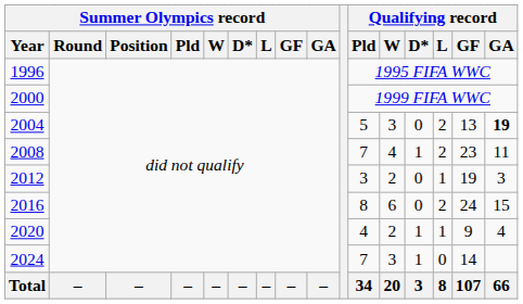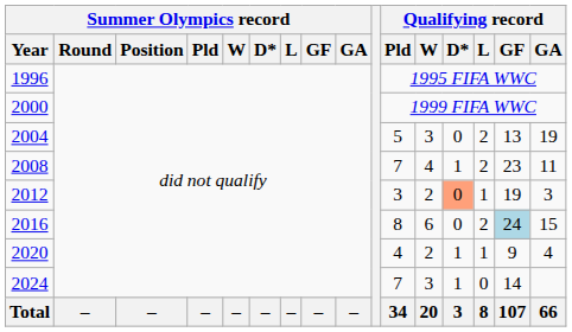 <table class="wikitable" style="text-align: center;">
 <tr>
 <th colspan=9><a href='#'>Summer Olympics</a> record</th>
 <th rowspan=12></th>
 <th colspan=6><a href='#'>Qualifying</a> record</th>
 </tr>
 <tr>
 <th>Year</th>
 <th>Round</th>
 <th>Position</th>
 <th>Pld</th>
 <th>W</th>
 <th>D*</th>
 <th>L</th>
 <th>GF</th>
 <th>GA</th>
 <th>Pld</th>
 <th>W</th>
 <th>D*</th>
 <th>L</th>
 <th>GF</th>
 <th>GA</th>
 </tr>
 <tr>
 <td> <a href='#'>1996</a></td>
 <td colspan=8 rowspan=8><em>did not qualify</em></td>
 <td colspan=6><em><a href='#'>1995 FIFA WWC</a></em></td>
 </tr>
 <tr>
 <td> <a href='#'>2000</a></td>
 <td colspan=6><em><a href='#'>1999 FIFA WWC</a></em></td>
 </tr>
 <tr>
 <td> <a href='#'>2004</a></td>
 <td>5</td>
 <td>3</td>
 <td>0</td>
 <td>2</td>
 <td>13</td>
-<td><strong>19</strong></td>
+<td>19</td>
 </tr>
 <tr>
 <td> <a href='#'>2008</a></td>
 <td>7</td>
 <td>4</td>
 <td>1</td>
 <td>2</td>
 <td>23</td>
 <td>11</td>
 </tr>
 <tr>
 <td> <a href='#'>2012</a></td>
 <td>3</td>
 <td>2</td>
-<td>0</td>
+<td style="background: lightsalmon;">0</td>
 <td>1</td>
 <td>19</td>
 <td>3</td>
 </tr>
 <tr>
 <td> <a href='#'>2016</a></td>
 <td>8</td>
 <td>6</td>
 <td>0</td>
 <td>2</td>
-<td>24</td>
+<td style="background: lightblue;">24</td>
 <td>15</td>
 </tr>
 <tr>
 <td> <a href='#'>2020</a></td>
 <td>4</td>
 <td>2</td>
 <td>1</td>
 <td>1</td>
 <td>9</td>
 <td>4</td>
 </tr>
 <tr>
 <td> <a href='#'>2024</a></td>
 <td>7</td>
 <td>3</td>
 <td>1</td>
 <td>0</td>
 <td>14</td>
 </tr>
 <tr>
 <th>Total</th>
 <th>–</th>
 <th>–</th>
 <th>–</th>
 <th>–</th>
 <th>–</th>
 <th>–</th>
 <th>–</th>
 <th>–</th>
 <th>34</th>
 <th>20</th>
 <th>3</th>
 <th>8</th>
 <th>107</th>
 <th>66</th>
 </tr>
 </table>
